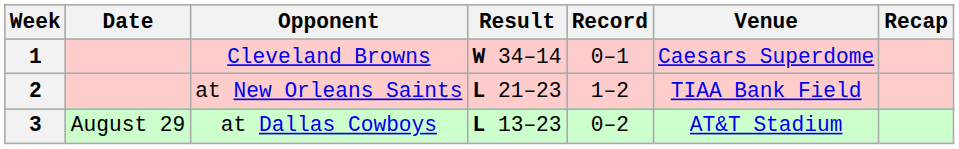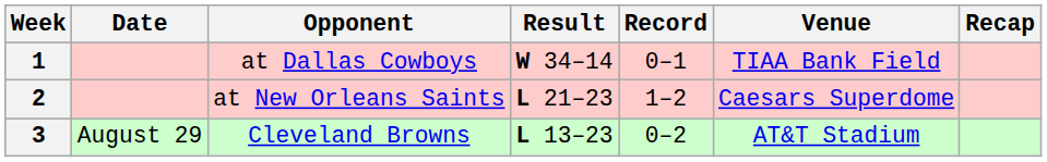 <table class="wikitable" style="text-align:center">
 <tr>
 <th>Week</th>
 <th>Date</th>
 <th>Opponent</th>
 <th>Result</th>
 <th>Record</th>
 <th>Venue</th>
 <th>Recap</th>
 </tr>
 <tr style="background:#fcc">
 <th>1</th>
 <td></td>
-<td><a href='#'>Cleveland Browns</a></td>
+<td>at <a href='#'>Dallas Cowboys</a></td>
 <td><strong>W</strong> 34–14</td>
 <td>0–1</td>
-<td><a href='#'>Caesars Superdome</a></td>
+<td><a href='#'>TIAA Bank Field</a></td>
 <td></td>
 </tr>
 <tr style="background:#fcc">
 <th>2</th>
 <td></td>
 <td>at <a href='#'>New Orleans Saints</a></td>
 <td><strong>L</strong> 21–23</td>
 <td>1–2</td>
-<td><a href='#'>TIAA Bank Field</a></td>
+<td><a href='#'>Caesars Superdome</a></td>
 <td></td>
 </tr>
 <tr style="background:#cfc">
 <th>3</th>
 <td>August 29</td>
-<td>at <a href='#'>Dallas Cowboys</a></td>
+<td><a href='#'>Cleveland Browns</a></td>
 <td><strong>L</strong> 13–23</td>
 <td>0–2</td>
 <td><a href='#'>AT&T Stadium</a></td>
 <td></td>
 </tr>
 </table>
